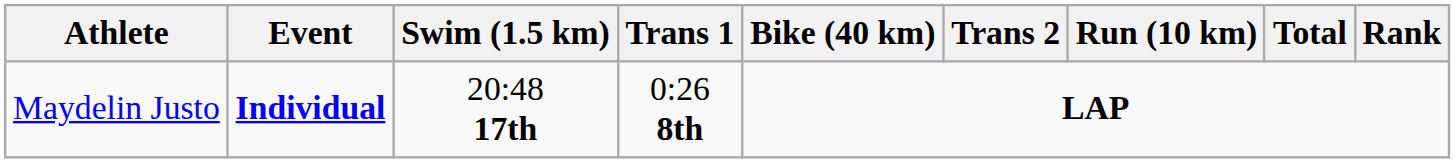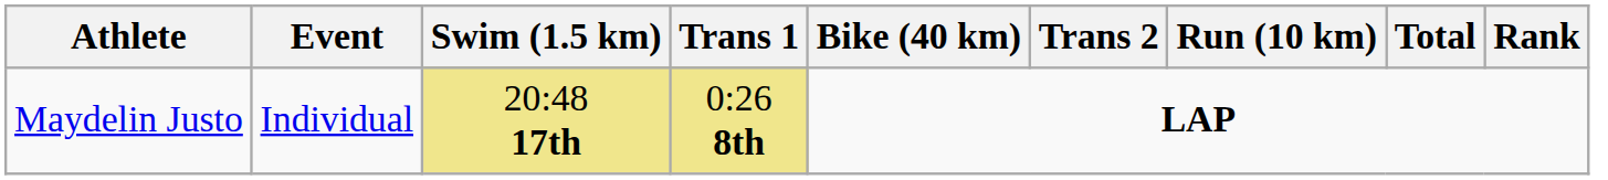 <table class="wikitable" style="font-size:90%">
 <tr>
 <th>Athlete</th>
 <th>Event</th>
 <th>Swim (1.5 km)</th>
 <th>Trans 1</th>
 <th>Bike (40 km)</th>
 <th>Trans 2</th>
 <th>Run (10 km)</th>
 <th>Total</th>
 <th>Rank</th>
 </tr>
 <tr>
 <td><a href='#'>Maydelin Justo</a></td>
-<td><strong><a href='#'>Individual</a></strong></td>
-<td align=center>20:48<br><strong>17th</strong></td>
-<td align=center>0:26<br><strong>8th</strong></td>
+<td><a href='#'>Individual</a></td>
+<td align=center style="background: khaki;">20:48<br><strong>17th</strong></td>
+<td align=center style="background: khaki;">0:26<br><strong>8th</strong></td>
 <td align=center colspan="7"><strong>LAP</strong></td>
 </tr>
 </table>
